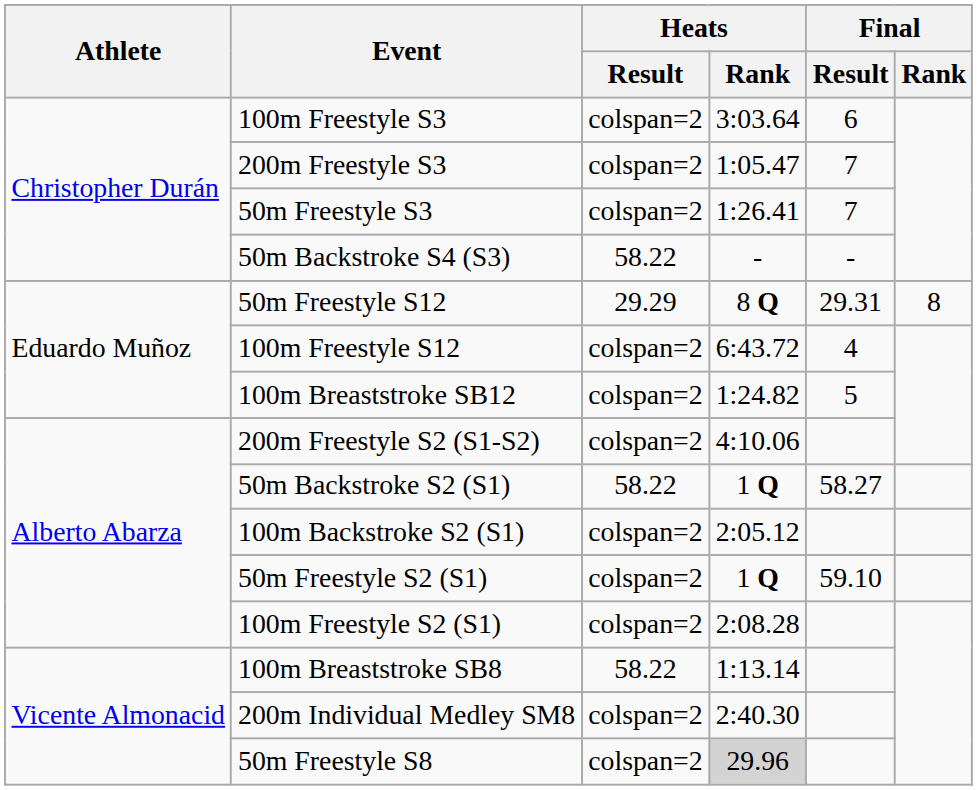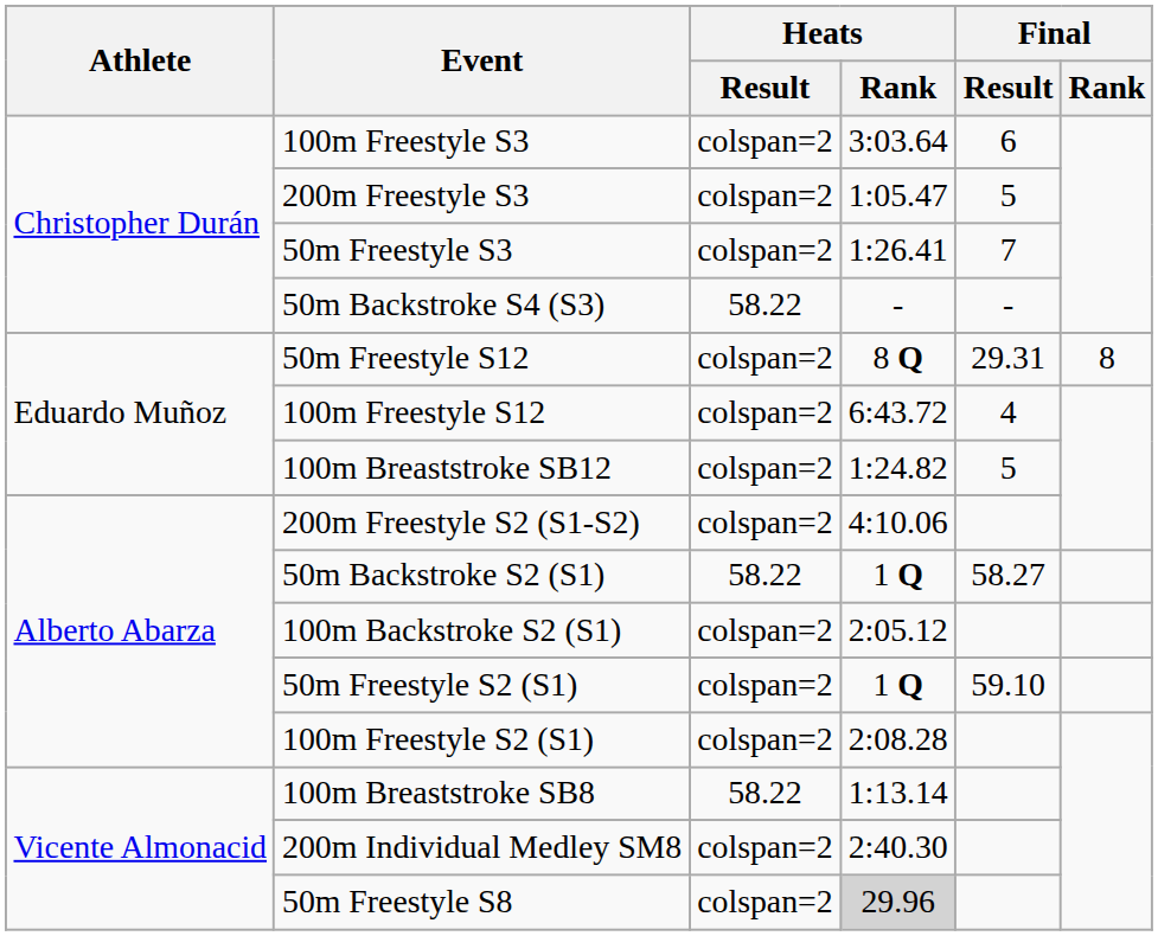 <table class=wikitable style="font-size:90%">
 <tr>
 <th rowspan="2">Athlete</th>
 <th rowspan="2">Event</th>
 <th colspan="2">Heats</th>
 <th colspan="2">Final</th>
 </tr>
 <tr>
 <th>Result</th>
 <th>Rank</th>
 <th>Result</th>
 <th>Rank</th>
 </tr>
 <tr align=center>
 <td align=left rowspan=4><a href='#'>Christopher Durán</a></td>
 <td align=left>100m Freestyle S3</td>
 <td>colspan=2 </td>
 <td>3:03.64</td>
 <td>6</td>
 </tr>
 <tr align=center>
 <td align=left>200m Freestyle S3</td>
 <td>colspan=2 </td>
 <td>1:05.47</td>
-<td>7</td>
+<td>5</td>
 </tr>
 <tr align=center>
 <td align=left>50m Freestyle S3</td>
 <td>colspan=2 </td>
 <td>1:26.41</td>
 <td>7</td>
 </tr>
 <tr align=center>
 <td align=left>50m Backstroke S4 (S3)</td>
 <td>58.22</td>
 <td>-</td>
 <td>-</td>
 </tr>
 <tr align=center>
 <td align=left rowspan=3>Eduardo Muñoz</td>
 <td align=left>50m Freestyle S12</td>
-<td>29.29</td>
+<td>colspan=2 </td>
 <td>8 <strong>Q</strong></td>
 <td>29.31</td>
 <td>8</td>
 </tr>
 <tr align=center>
 <td align=left>100m Freestyle S12</td>
 <td>colspan=2 </td>
 <td>6:43.72</td>
 <td>4</td>
 </tr>
 <tr align=center>
 <td align=left>100m Breaststroke SB12</td>
 <td>colspan=2 </td>
 <td>1:24.82</td>
 <td>5</td>
 </tr>
 <tr align=center>
 <td align=left rowspan=5><a href='#'>Alberto Abarza</a></td>
 <td align=left>200m Freestyle S2 (S1-S2)</td>
 <td>colspan=2 </td>
 <td>4:10.06</td>
 <td></td>
 </tr>
 <tr align=center>
 <td align=left>50m Backstroke S2 (S1)</td>
 <td>58.22</td>
 <td>1 <strong>Q</strong></td>
 <td>58.27</td>
 <td></td>
 </tr>
 <tr align=center>
 <td align=left>100m Backstroke S2 (S1)</td>
 <td>colspan=2 </td>
 <td>2:05.12</td>
 <td></td>
 </tr>
 <tr align=center>
 <td align=left>50m Freestyle S2 (S1)</td>
 <td>colspan=2 </td>
 <td>1 <strong>Q</strong></td>
 <td>59.10</td>
 <td></td>
 </tr>
 <tr align=center>
 <td align=left>100m Freestyle S2 (S1)</td>
 <td>colspan=2 </td>
 <td>2:08.28</td>
 <td></td>
 </tr>
 <tr align=center>
 <td align=left rowspan=3><a href='#'>Vicente Almonacid</a></td>
 <td align=left>100m Breaststroke SB8</td>
 <td>58.22</td>
 <td>1:13.14</td>
 <td></td>
 </tr>
 <tr align=center>
 <td align=left>200m Individual Medley SM8</td>
 <td>colspan=2 </td>
 <td>2:40.30</td>
 <td></td>
 </tr>
 <tr align=center>
 <td align=left>50m Freestyle S8</td>
 <td>colspan=2 </td>
 <td style="background: lightgrey;">29.96</td>
 <td></td>
 </tr>
 </table>
